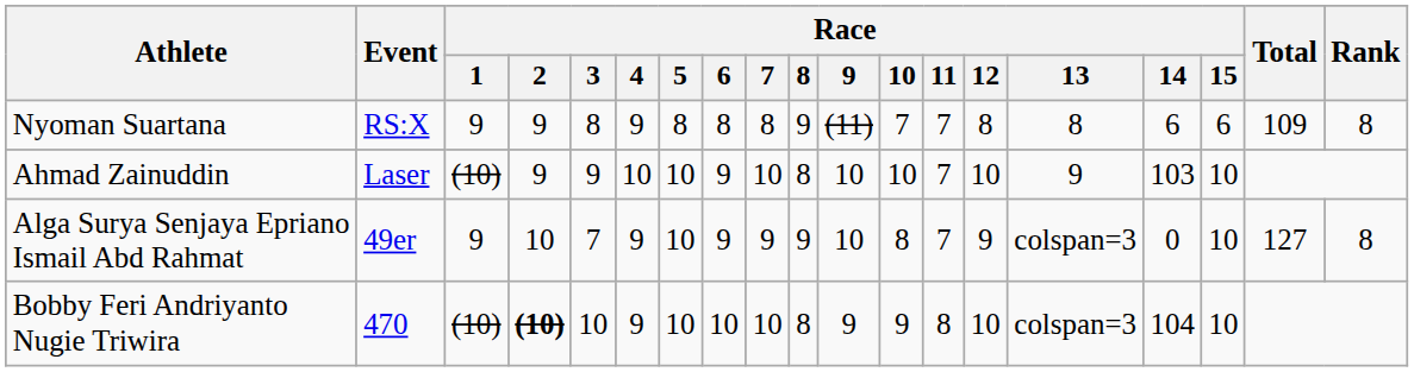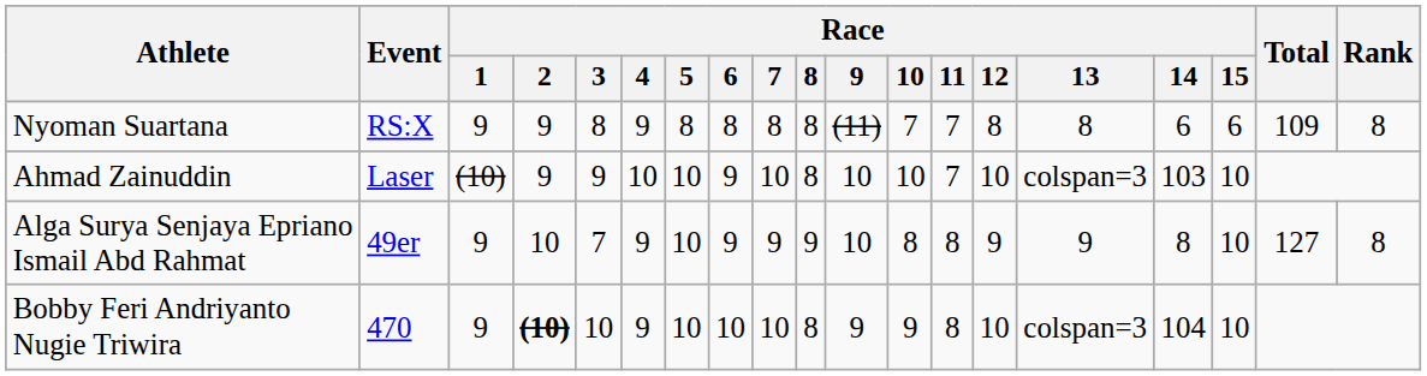 <table class=wikitable style=font-size:90%;text-align:center>
 <tr>
 <th rowspan="2">Athlete</th>
 <th rowspan="2">Event</th>
 <th colspan=15>Race</th>
 <th rowspan=2>Total</th>
 <th rowspan=2>Rank</th>
 </tr>
 <tr style="font-size:95%">
 <th>1</th>
 <th>2</th>
 <th>3</th>
 <th>4</th>
 <th>5</th>
 <th>6</th>
 <th>7</th>
 <th>8</th>
 <th>9</th>
 <th>10</th>
 <th>11</th>
 <th>12</th>
 <th>13</th>
 <th>14</th>
 <th>15</th>
 </tr>
 <tr>
 <td align=left>Nyoman Suartana</td>
 <td align=left><a href='#'>RS:X</a></td>
 <td>9</td>
 <td>9</td>
 <td>8</td>
 <td>9</td>
 <td>8</td>
 <td>8</td>
 <td>8</td>
-<td>9</td>
+<td>8</td>
 <td><s>(11)</s><br></td>
 <td>7</td>
 <td>7</td>
 <td>8</td>
 <td>8</td>
 <td>6</td>
 <td>6</td>
 <td>109</td>
 <td>8</td>
 </tr>
 <tr>
 <td align=left>Ahmad Zainuddin</td>
 <td align=left><a href='#'>Laser</a></td>
 <td><s>(10)</s></td>
 <td>9</td>
 <td>9</td>
 <td>10</td>
 <td>10</td>
 <td>9</td>
 <td>10</td>
 <td>8</td>
 <td>10</td>
 <td>10</td>
 <td>7</td>
 <td>10</td>
-<td>9</td>
+<td>colspan=3 </td>
 <td>103</td>
 <td>10</td>
 </tr>
 <tr>
 <td align=left>Alga Surya Senjaya Epriano<br>Ismail Abd Rahmat</td>
 <td align=left><a href='#'>49er</a></td>
 <td>9</td>
 <td>10<br></td>
 <td>7</td>
 <td>9</td>
 <td>10<br></td>
 <td>9</td>
 <td>9</td>
 <td>9</td>
 <td>10</td>
 <td>8</td>
-<td>7</td>
+<td>8</td>
 <td>9</td>
-<td>colspan=3 </td>
-<td>0</td>
+<td>9</td>
+<td>8</td>
 <td>10<br></td>
 <td>127</td>
 <td>8</td>
 </tr>
 <tr>
 <td align=left>Bobby Feri Andriyanto<br>Nugie Triwira</td>
 <td align=left><a href='#'>470</a></td>
-<td><s>(10)</s><br></td>
+<td>9</td>
 <td><strong><s>(10)</s></strong></td>
 <td>10</td>
 <td>9</td>
 <td>10</td>
 <td>10</td>
 <td>10</td>
 <td>8</td>
 <td>9</td>
 <td>9</td>
 <td>8</td>
 <td>10</td>
 <td>colspan=3 </td>
 <td>104</td>
 <td>10</td>
 </tr>
 </table>
